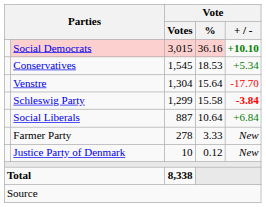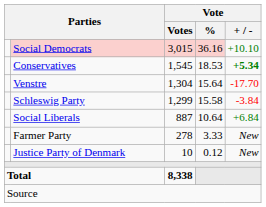 <table class="wikitable" style="text-align:right;">
 <tr>
 <th style="text-align:centre;" rowspan="2" colspan="2" width="225">Parties</th>
 <th colspan="3">Vote</th>
 </tr>
 <tr>
 <th width="15">Votes</th>
 <th width="15">%</th>
 <th width="15">+ / -</th>
 </tr>
 <tr>
 <td width="2" style="color:inherit;background:"></td>
 <td bgcolor=#fbd0ce  align="left"><a href='#'>Social Democrats</a></td>
 <td bgcolor=#fbd0ce>3,015</td>
 <td bgcolor=#fbd0ce>36.16</td>
-<td style=color:green;><strong>+10.10</strong></td>
+<td style=color:green;>+10.10</td>
 </tr>
 <tr>
 <td width="2" style="color:inherit;background:"></td>
 <td align="left"><a href='#'>Conservatives</a></td>
 <td>1,545</td>
 <td>18.53</td>
-<td style=color:green;>+5.34</td>
+<td style=color:green;><strong>+5.34</strong></td>
 </tr>
 <tr>
 <td width="2" style="color:inherit;background:"></td>
 <td align="left"><a href='#'>Venstre</a></td>
 <td>1,304</td>
 <td>15.64</td>
 <td style=color:red;>-17.70</td>
 </tr>
 <tr>
 <td width="2" style="color:inherit;background:"></td>
 <td align="left"><a href='#'>Schleswig Party</a></td>
 <td>1,299</td>
 <td>15.58</td>
-<td style=color:red;><strong>-3.84</strong></td>
+<td style=color:red;>-3.84</td>
 </tr>
 <tr>
 <td width="2" style="color:inherit;background:"></td>
 <td align="left"><a href='#'>Social Liberals</a></td>
 <td>887</td>
 <td>10.64</td>
 <td style=color:green;>+6.84</td>
 </tr>
 <tr>
 <td width="2" style="color:inherit;background:"></td>
 <td align="left">Farmer Party</td>
 <td>278</td>
 <td>3.33</td>
 <td><em>New</em></td>
 </tr>
 <tr>
 <td width="2" style="color:inherit;background:"></td>
 <td align="left"><a href='#'>Justice Party of Denmark</a></td>
 <td>10</td>
 <td>0.12</td>
 <td><em>New</em></td>
 </tr>
 <tr>
 <td colspan="7" bgcolor="#E9E9E9"></td>
 </tr>
 <tr>
 <td align="left" colspan="2"><strong>Total</strong></td>
 <td><strong>8,338</strong></td>
 <td bgcolor="#E9E9E9" colspan="2"></td>
 </tr>
 <tr>
 <td align="left" colspan="6">Source</td>
 </tr>
 </table>
